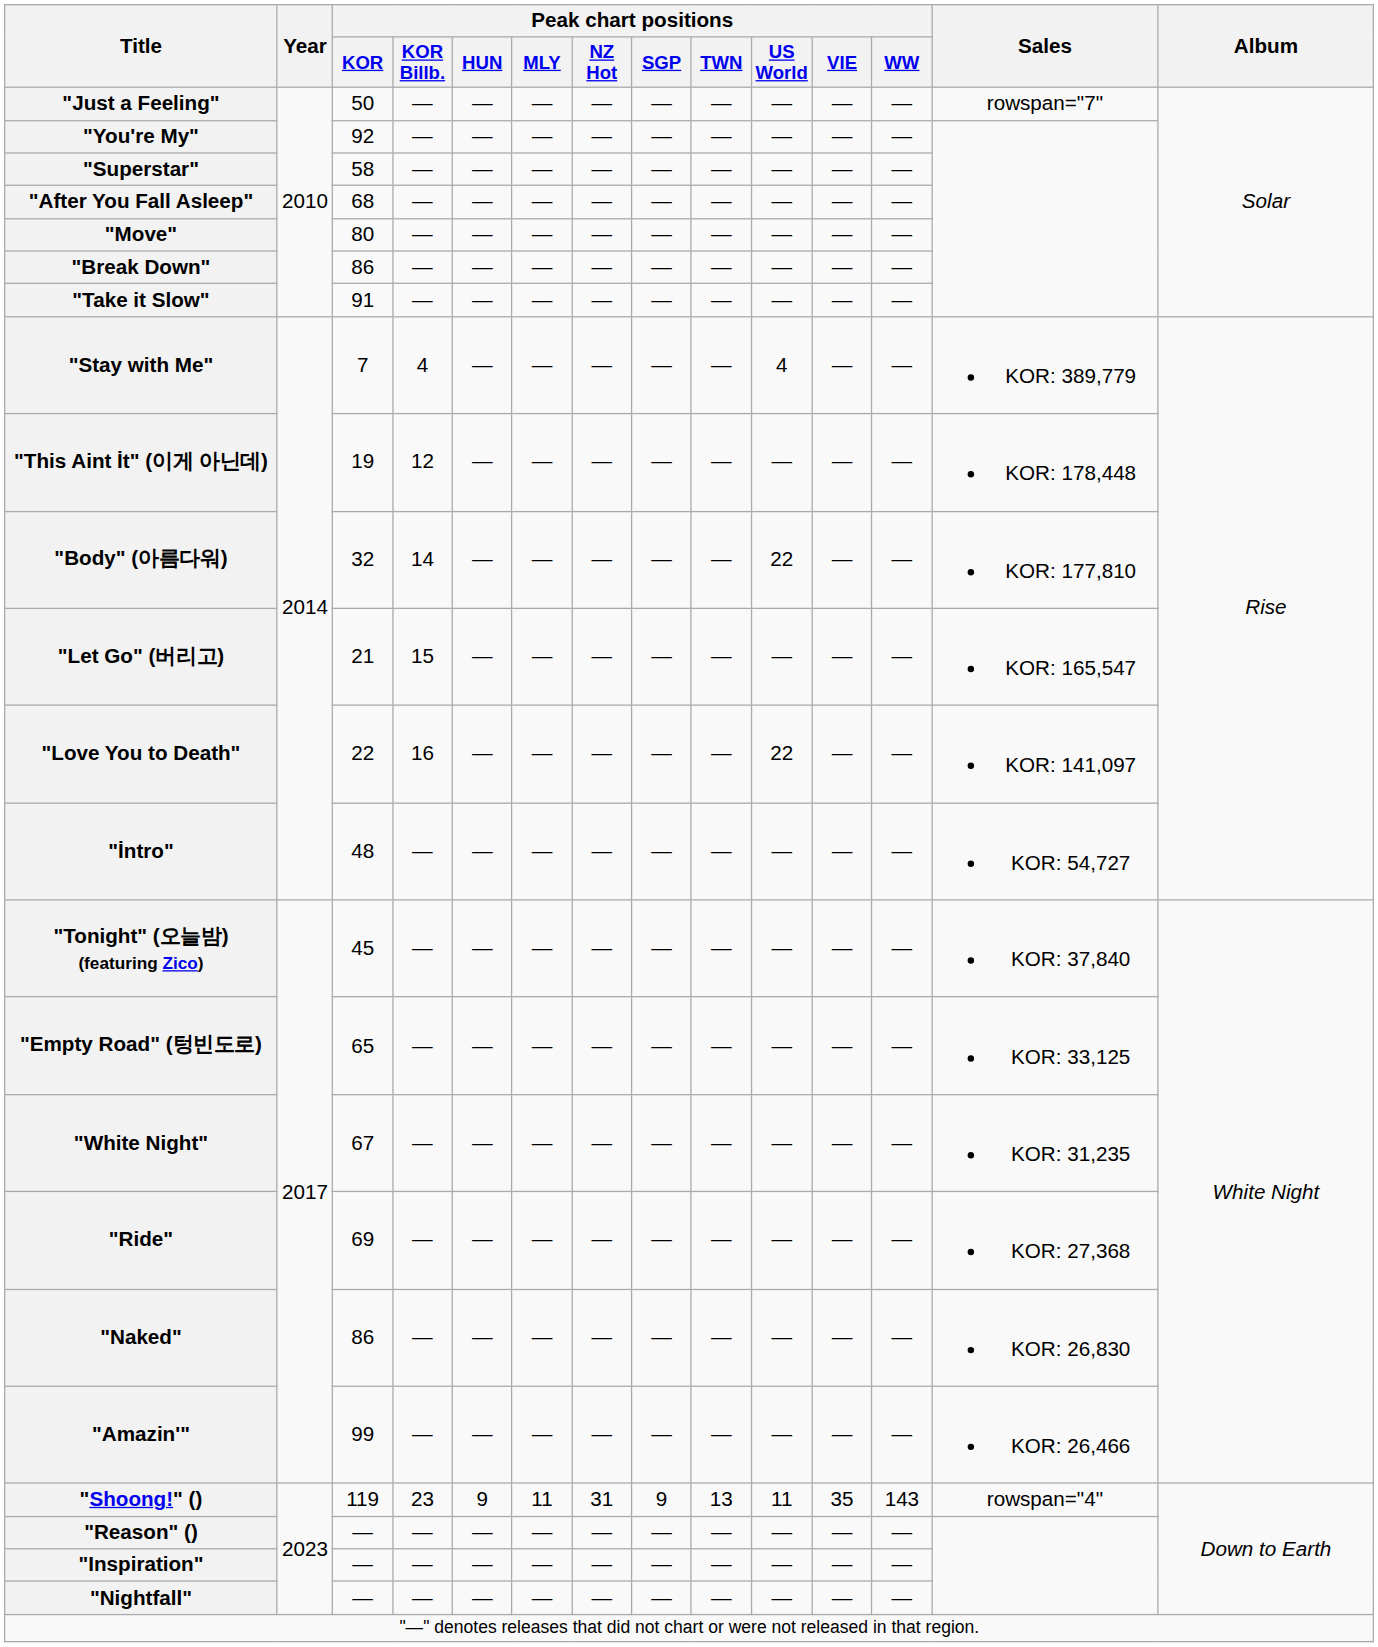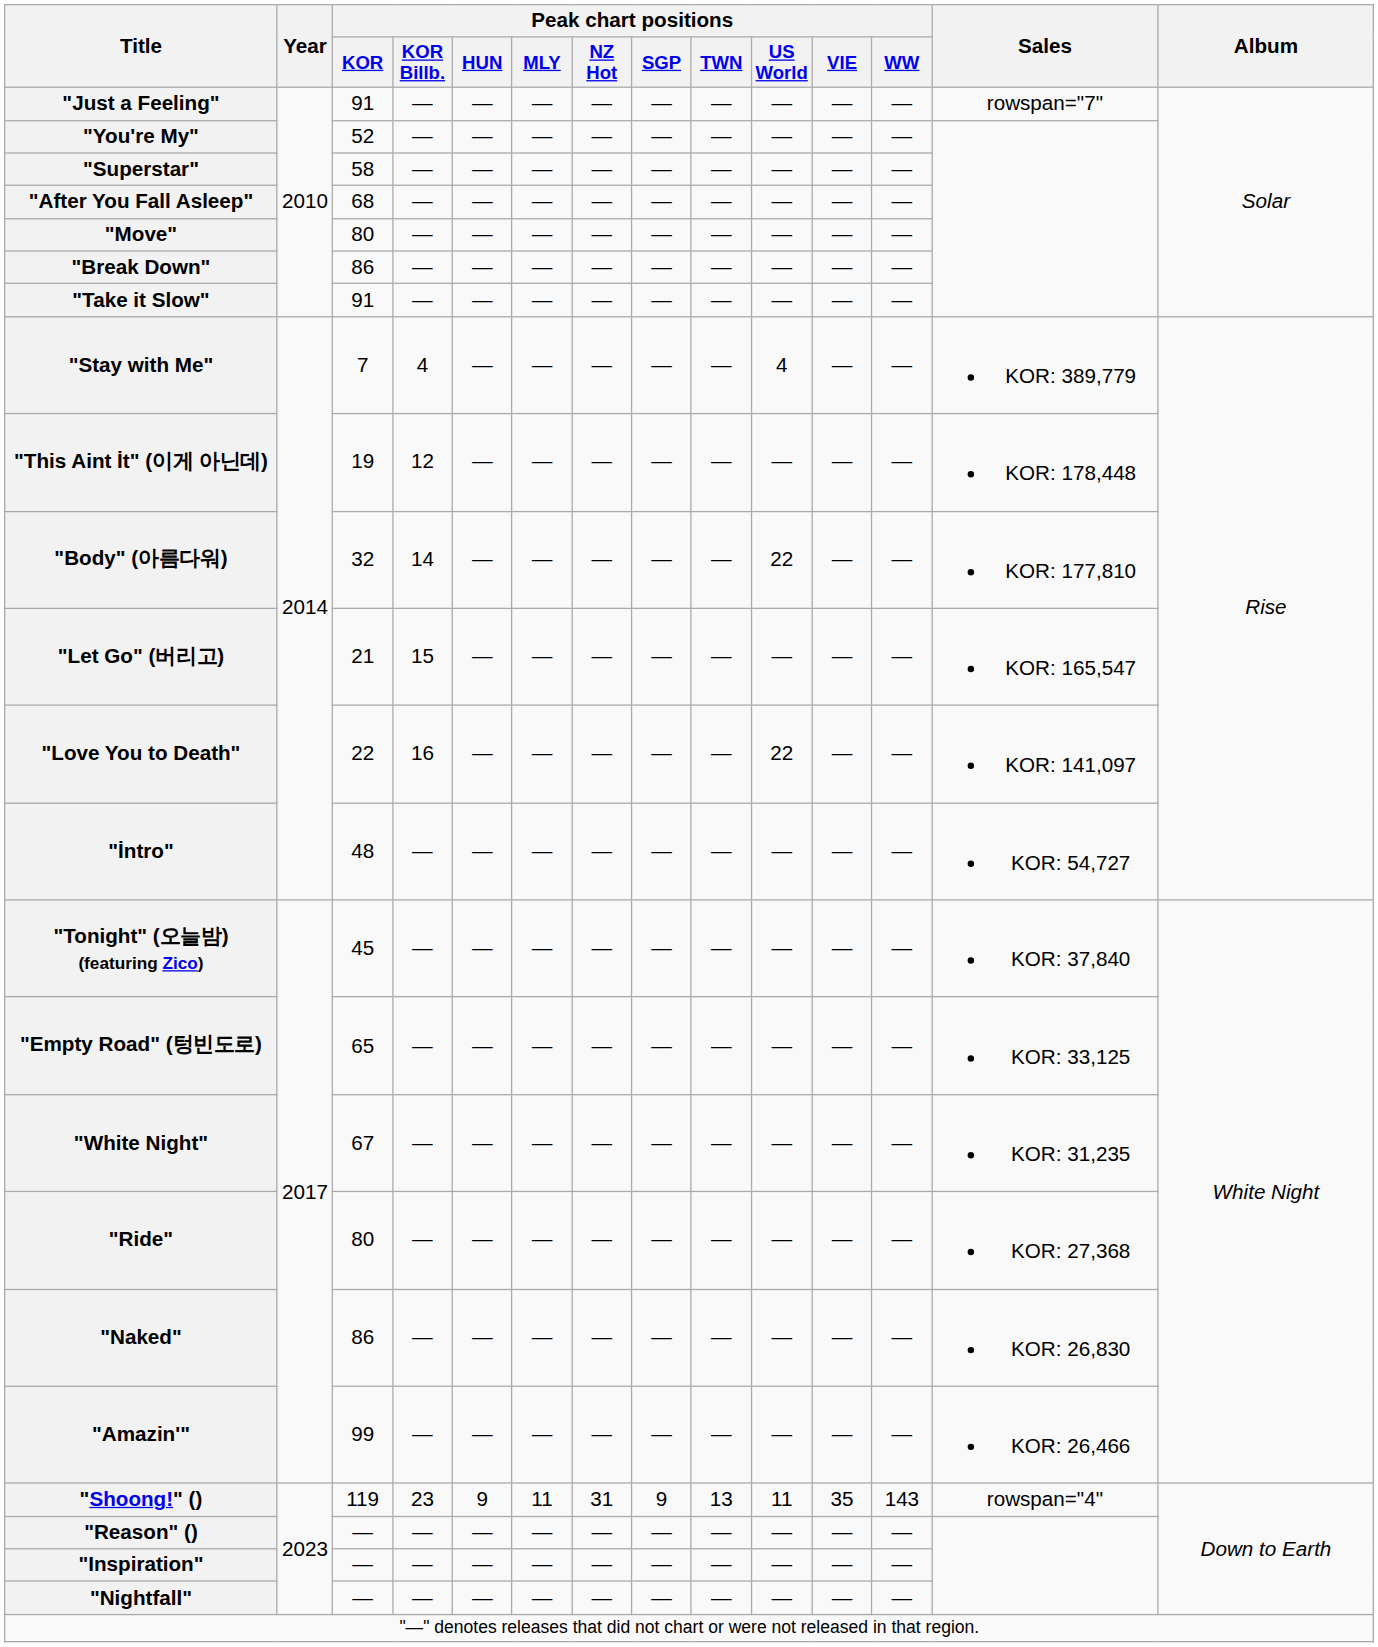 <table class="wikitable plainrowheaders" style="text-align:center;">
 <tr>
 <th rowspan="2" style="width:12.75em;">Title</th>
 <th rowspan="2" style="width:2em;">Year</th>
 <th colspan="10">Peak chart positions</th>
 <th rowspan="2" style="width:10.5em;">Sales</th>
 <th rowspan="2" style="width:10em;">Album</th>
 </tr>
 <tr>
 <th scope="col" style="width:2.75em;font-size:90%;"><a href='#'>KOR</a><br></th>
 <th scope="col" style="width:2.75em;font-size:90%;"><a href='#'>KOR Billb.</a><br></th>
 <th scope="col" style="width:2.75em;font-size:90%;"><a href='#'>HUN</a><br></th>
 <th scope="col" style="width:2.75em;font-size:90%;"><a href='#'>MLY</a><br></th>
 <th scope="col" style="width:2.75em;font-size:90%;"><a href='#'>NZ<br>Hot</a><br></th>
 <th scope="col" style="width:2.75em;font-size:90%;"><a href='#'>SGP</a><br></th>
 <th scope="col" style="width:2.75em;font-size:90%;"><a href='#'>TWN</a><br></th>
 <th scope="col" style="width:2.75em;font-size:90%;"><a href='#'>US<br>World</a><br></th>
 <th scope="col" style="width:2.75em;font-size:90%;"><a href='#'>VIE</a><br></th>
 <th scope="col" style="width:2.75em;font-size:90%;"><a href='#'>WW</a><br></th>
 </tr>
 <tr>
 <th scope="row">"Just a Feeling"</th>
 <td rowspan="7">2010</td>
-<td>50</td>
+<td>91</td>
 <td>—</td>
 <td>—</td>
 <td>—</td>
 <td>—</td>
 <td>—</td>
 <td>—</td>
 <td>—</td>
 <td>—</td>
 <td>—</td>
 <td>rowspan="7" </td>
 <td rowspan="7"><em>Solar</em></td>
 </tr>
 <tr>
 <th scope="row">"You're My"</th>
-<td>92</td>
+<td>52</td>
 <td>—</td>
 <td>—</td>
 <td>—</td>
 <td>—</td>
 <td>—</td>
 <td>—</td>
 <td>—</td>
 <td>—</td>
 <td>—</td>
 </tr>
 <tr>
 <th scope="row">"Superstar"</th>
 <td>58</td>
 <td>—</td>
 <td>—</td>
 <td>—</td>
 <td>—</td>
 <td>—</td>
 <td>—</td>
 <td>—</td>
 <td>—</td>
 <td>—</td>
 </tr>
 <tr>
 <th scope="row">"After You Fall Asleep"</th>
 <td>68</td>
 <td>—</td>
 <td>—</td>
 <td>—</td>
 <td>—</td>
 <td>—</td>
 <td>—</td>
 <td>—</td>
 <td>—</td>
 <td>—</td>
 </tr>
 <tr>
 <th scope="row">"Move"</th>
 <td>80</td>
 <td>—</td>
 <td>—</td>
 <td>—</td>
 <td>—</td>
 <td>—</td>
 <td>—</td>
 <td>—</td>
 <td>—</td>
 <td>—</td>
 </tr>
 <tr>
 <th scope="row">"Break Down"</th>
 <td>86</td>
 <td>—</td>
 <td>—</td>
 <td>—</td>
 <td>—</td>
 <td>—</td>
 <td>—</td>
 <td>—</td>
 <td>—</td>
 <td>—</td>
 </tr>
 <tr>
 <th scope="row">"Take it Slow"</th>
 <td>91</td>
 <td>—</td>
 <td>—</td>
 <td>—</td>
 <td>—</td>
 <td>—</td>
 <td>—</td>
 <td>—</td>
 <td>—</td>
 <td>—</td>
 </tr>
 <tr>
 <th scope="row">"Stay with Me"</th>
 <td rowspan="6">2014</td>
 <td>7</td>
 <td>4</td>
 <td>—</td>
 <td>—</td>
 <td>—</td>
 <td>—</td>
 <td>—</td>
 <td>4</td>
 <td>—</td>
 <td>—</td>
 <td><br><ul><li>KOR: 389,779</li></ul></td>
 <td rowspan="6"><em>Rise</em></td>
 </tr>
 <tr>
 <th scope="row">"This Aint İt" (이게 아닌데)</th>
 <td>19</td>
 <td>12</td>
 <td>—</td>
 <td>—</td>
 <td>—</td>
 <td>—</td>
 <td>—</td>
 <td>—</td>
 <td>—</td>
 <td>—</td>
 <td><br><ul><li>KOR: 178,448</li></ul></td>
 </tr>
 <tr>
 <th scope="row">"Body" (아름다워)</th>
 <td>32</td>
 <td>14</td>
 <td>—</td>
 <td>—</td>
 <td>—</td>
 <td>—</td>
 <td>—</td>
 <td>22</td>
 <td>—</td>
 <td>—</td>
 <td><br><ul><li>KOR: 177,810</li></ul></td>
 </tr>
 <tr>
 <th scope="row">"Let Go" (버리고)</th>
 <td>21</td>
 <td>15</td>
 <td>—</td>
 <td>—</td>
 <td>—</td>
 <td>—</td>
 <td>—</td>
 <td>—</td>
 <td>—</td>
 <td>—</td>
 <td><br><ul><li>KOR: 165,547</li></ul></td>
 </tr>
 <tr>
 <th scope="row">"Love You to Death"</th>
 <td>22</td>
 <td>16</td>
 <td>—</td>
 <td>—</td>
 <td>—</td>
 <td>—</td>
 <td>—</td>
 <td>22</td>
 <td>—</td>
 <td>—</td>
 <td><br><ul><li>KOR: 141,097</li></ul></td>
 </tr>
 <tr>
 <th scope="row">"İntro"</th>
 <td>48</td>
 <td>—</td>
 <td>—</td>
 <td>—</td>
 <td>—</td>
 <td>—</td>
 <td>—</td>
 <td>—</td>
 <td>—</td>
 <td>—</td>
 <td><br><ul><li>KOR: 54,727</li></ul></td>
 </tr>
 <tr>
 <th scope="row">"Tonight" (오늘밤)<br><small>(featuring <a href='#'>Zico</a>)</small></th>
 <td rowspan="6">2017</td>
 <td>45</td>
 <td>—</td>
 <td>—</td>
 <td>—</td>
 <td>—</td>
 <td>—</td>
 <td>—</td>
 <td>—</td>
 <td>—</td>
 <td>—</td>
 <td><br><ul><li>KOR: 37,840</li></ul></td>
 <td rowspan="6"><em>White Night</em></td>
 </tr>
 <tr>
 <th scope="row">"Empty Road" (텅빈도로)</th>
 <td>65</td>
 <td>—</td>
 <td>—</td>
 <td>—</td>
 <td>—</td>
 <td>—</td>
 <td>—</td>
 <td>—</td>
 <td>—</td>
 <td>—</td>
 <td><br><ul><li>KOR: 33,125</li></ul></td>
 </tr>
 <tr>
 <th scope="row">"White Night"</th>
 <td>67</td>
 <td>—</td>
 <td>—</td>
 <td>—</td>
 <td>—</td>
 <td>—</td>
 <td>—</td>
 <td>—</td>
 <td>—</td>
 <td>—</td>
 <td><br><ul><li>KOR: 31,235</li></ul></td>
 </tr>
 <tr>
 <th scope="row">"Ride"</th>
-<td>69</td>
+<td>80</td>
 <td>—</td>
 <td>—</td>
 <td>—</td>
 <td>—</td>
 <td>—</td>
 <td>—</td>
 <td>—</td>
 <td>—</td>
 <td>—</td>
 <td><br><ul><li>KOR: 27,368</li></ul></td>
 </tr>
 <tr>
 <th scope="row">"Naked"</th>
 <td>86</td>
 <td>—</td>
 <td>—</td>
 <td>—</td>
 <td>—</td>
 <td>—</td>
 <td>—</td>
 <td>—</td>
 <td>—</td>
 <td>—</td>
 <td><br><ul><li>KOR: 26,830</li></ul></td>
 </tr>
 <tr>
 <th scope="row">"Amazin'"</th>
 <td>99</td>
 <td>—</td>
 <td>—</td>
 <td>—</td>
 <td>—</td>
 <td>—</td>
 <td>—</td>
 <td>—</td>
 <td>—</td>
 <td>—</td>
 <td><br><ul><li>KOR: 26,466</li></ul></td>
 </tr>
 <tr>
 <th scope="row">"<a href='#'>Shoong!</a>" ()<br></th>
 <td rowspan="4">2023</td>
 <td>119</td>
 <td>23</td>
 <td>9</td>
 <td>11</td>
 <td>31</td>
 <td>9</td>
 <td>13</td>
 <td>11</td>
 <td>35</td>
 <td>143</td>
 <td>rowspan="4" </td>
 <td rowspan="4"><em>Down to Earth</em></td>
 </tr>
 <tr>
 <th scope="row">"Reason" ()</th>
 <td>—</td>
 <td>—</td>
 <td>—</td>
 <td>—</td>
 <td>—</td>
 <td>—</td>
 <td>—</td>
 <td>—</td>
 <td>—</td>
 <td>—</td>
 </tr>
 <tr>
 <th scope="row">"Inspiration"<br></th>
 <td>—</td>
 <td>—</td>
 <td>—</td>
 <td>—</td>
 <td>—</td>
 <td>—</td>
 <td>—</td>
 <td>—</td>
 <td>—</td>
 <td>—</td>
 </tr>
 <tr>
 <th scope="row">"Nightfall"<br></th>
 <td>—</td>
 <td>—</td>
 <td>—</td>
 <td>—</td>
 <td>—</td>
 <td>—</td>
 <td>—</td>
 <td>—</td>
 <td>—</td>
 <td>—</td>
 </tr>
 <tr>
 <td colspan="14" style="font-size:85%">"—" denotes releases that did not chart or were not released in that region.</td>
 </tr>
 </table>
